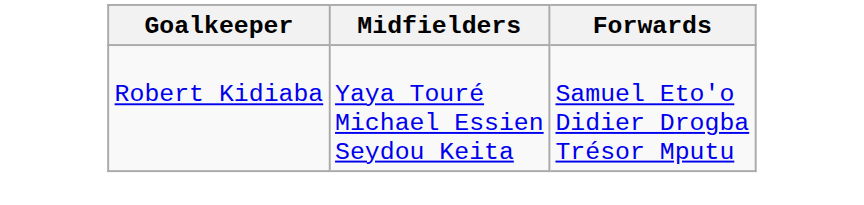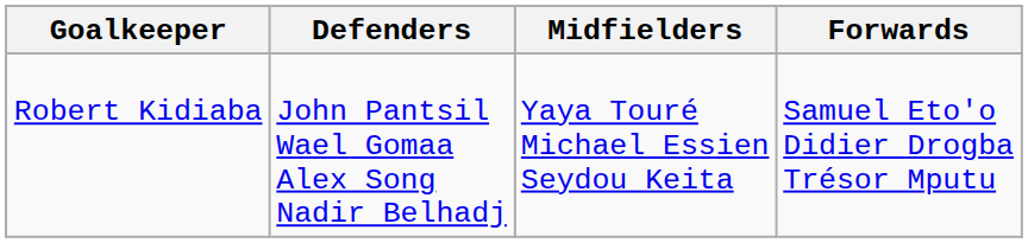 <table class="wikitable" style="margin:0 auto">
 <tr>
 <th>Goalkeeper</th>
+<th>Defenders</th>
 <th>Midfielders</th>
 <th>Forwards</th>
 </tr>
 <tr>
 <td align=left valign=top><br> <a href='#'>Robert Kidiaba</a></td>
+<td align=left valign=top><br> <a href='#'>John Pantsil</a><br>  <a href='#'>Wael Gomaa</a><br>  <a href='#'>Alex Song</a><br>  <a href='#'>Nadir Belhadj</a></td>
 <td align=left valign=top><br> <a href='#'>Yaya Touré</a><br>  <a href='#'>Michael Essien</a><br>  <a href='#'>Seydou Keita</a></td>
 <td align=left valign=top><br> <a href='#'>Samuel Eto'o</a><br>  <a href='#'>Didier Drogba</a><br>  <a href='#'>Trésor Mputu</a></td>
 </tr>
 </table>
